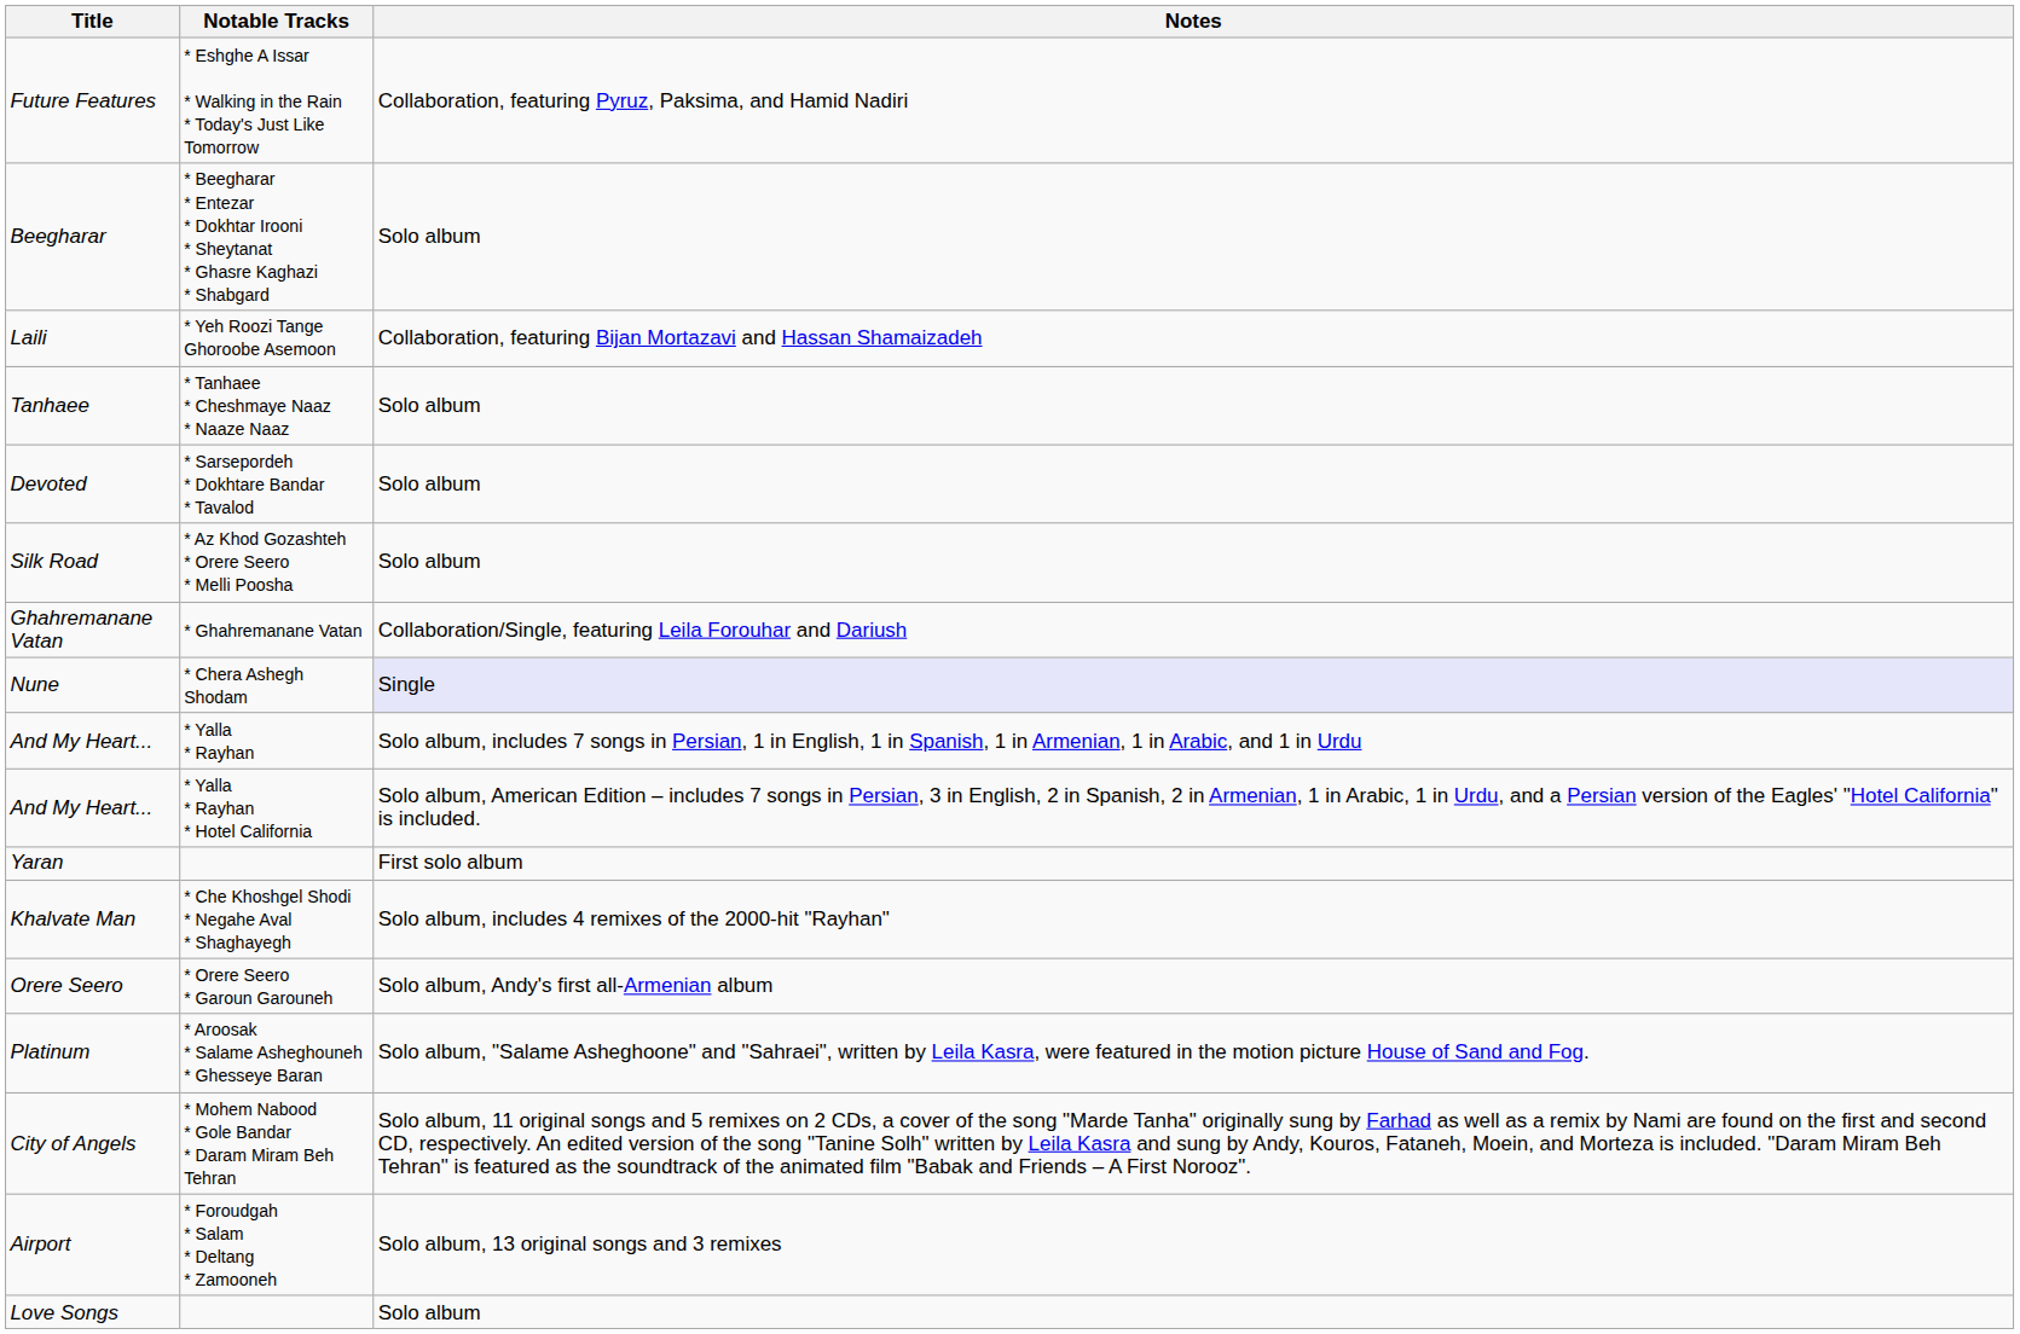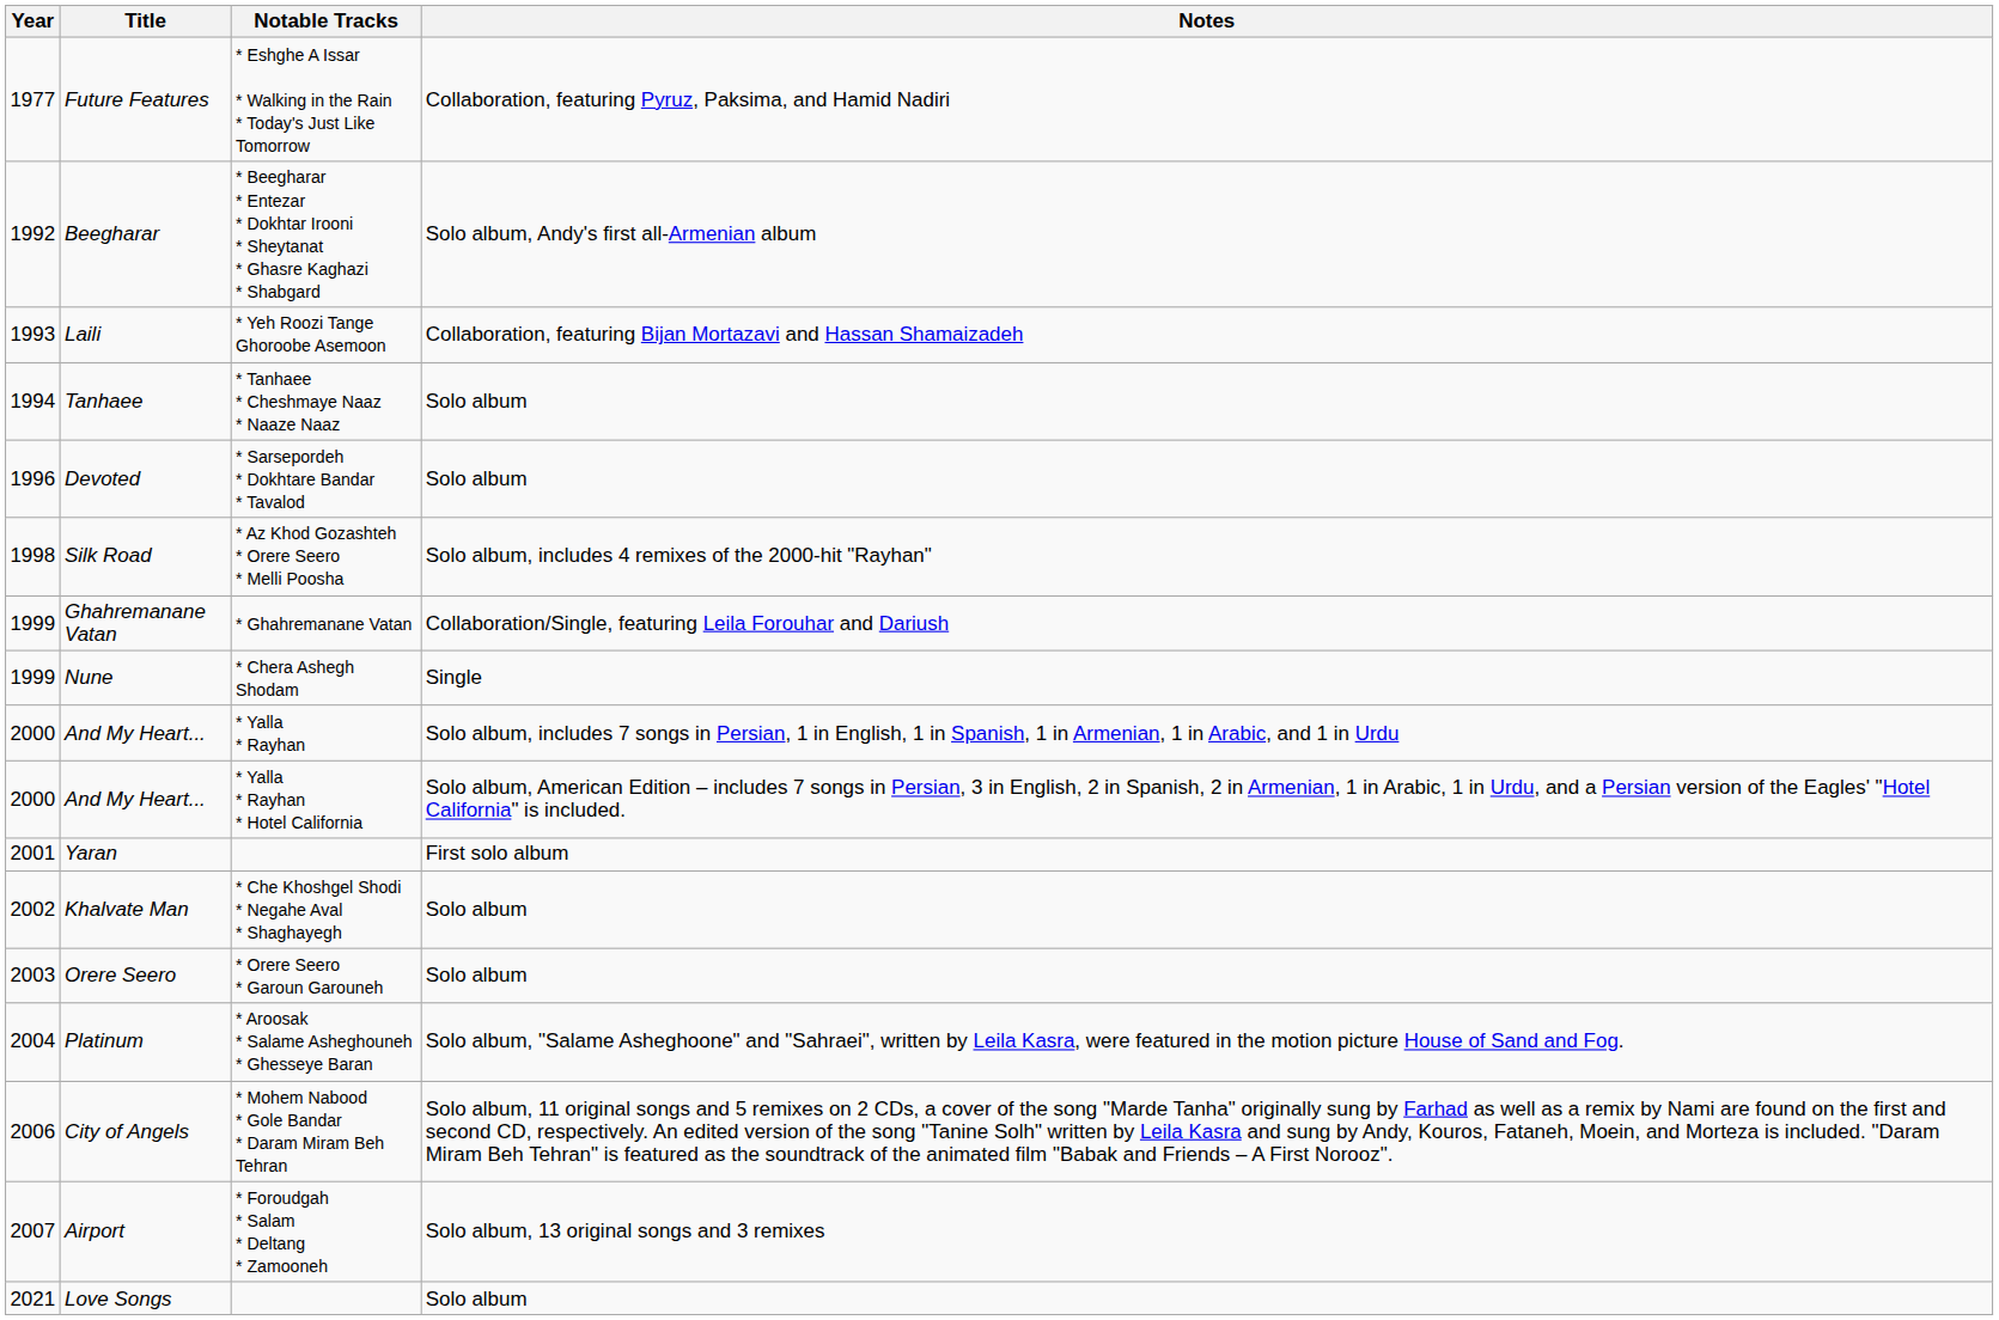 <table class="wikitable">
 <tr>
+<th>Year</th>
 <th>Title</th>
 <th>Notable Tracks</th>
 <th>Notes</th>
 </tr>
 <tr>
+<td>1977</td>
 <td><em>Future Features</em></td>
 <td><small>* Eshghe A Issar</small> <br><br><small>* Walking in the Rain</small> <br> <small>* Today's Just Like Tomorrow</small> <br></td>
 <td>Collaboration, featuring <a href='#'>Pyruz</a>, Paksima, and Hamid Nadiri</td>
 </tr>
 <tr>
+<td>1992</td>
 <td><em>Beegharar</em></td>
 <td><small>* Beegharar</small> <br> <small>* Entezar</small> <br> <small>* Dokhtar Irooni</small> <br> <small>* Sheytanat</small> <br> <small>* Ghasre Kaghazi</small> <br> <small>* Shabgard</small></td>
-<td>Solo album</td>
+<td>Solo album, Andy's first all-<a href='#'>Armenian</a> album</td>
 </tr>
 <tr>
+<td>1993</td>
 <td><em>Laili</em></td>
 <td><small>* Yeh Roozi Tange Ghoroobe Asemoon</small></td>
 <td>Collaboration, featuring <a href='#'>Bijan Mortazavi</a> and <a href='#'>Hassan Shamaizadeh</a></td>
 </tr>
 <tr>
+<td>1994</td>
 <td><em>Tanhaee</em></td>
 <td><small>* Tanhaee</small> <br> <small>* Cheshmaye Naaz</small> <br> <small>* Naaze Naaz</small></td>
 <td>Solo album</td>
 </tr>
 <tr>
+<td>1996</td>
 <td><em>Devoted</em></td>
 <td><small>* Sarsepordeh</small> <br> <small>* Dokhtare Bandar</small> <br> <small>* Tavalod</small></td>
 <td>Solo album</td>
 </tr>
 <tr>
+<td>1998</td>
 <td><em>Silk Road</em></td>
 <td><small>* Az Khod Gozashteh</small> <br> <small>* Orere Seero</small> <br> <small>* Melli Poosha</small></td>
-<td>Solo album</td>
+<td>Solo album, includes 4 remixes of the 2000-hit "Rayhan"</td>
 </tr>
 <tr>
+<td>1999</td>
 <td><em>Ghahremanane Vatan</em></td>
 <td><small>* Ghahremanane Vatan</small></td>
 <td>Collaboration/Single, featuring <a href='#'>Leila Forouhar</a> and <a href='#'>Dariush</a></td>
 </tr>
 <tr>
+<td>1999</td>
 <td><em>Nune</em></td>
 <td><small>* Chera Ashegh Shodam</small></td>
-<td style="background: lavender;">Single</td>
+<td>Single</td>
 </tr>
 <tr>
+<td>2000</td>
 <td><em>And My Heart...</em></td>
 <td><small>* Yalla</small> <br> <small>* Rayhan</small></td>
 <td>Solo album, includes 7 songs in <a href='#'>Persian</a>, 1 in English, 1 in <a href='#'>Spanish</a>, 1 in <a href='#'>Armenian</a>, 1 in <a href='#'>Arabic</a>, and 1 in <a href='#'>Urdu</a></td>
 </tr>
 <tr>
+<td>2000</td>
 <td><em>And My Heart...</em></td>
 <td><small>* Yalla</small> <br> <small>* Rayhan</small> <br> <small>* Hotel California</small></td>
 <td>Solo album, American Edition – includes 7 songs in <a href='#'>Persian</a>, 3 in English, 2 in Spanish, 2 in <a href='#'>Armenian</a>, 1 in Arabic, 1 in <a href='#'>Urdu</a>, and a <a href='#'>Persian</a> version of the Eagles' "<a href='#'>Hotel California</a>" is included.</td>
 </tr>
 <tr>
+<td>2001</td>
 <td><em>Yaran</em></td>
 <td></td>
 <td>First solo album</td>
 </tr>
 <tr>
+<td>2002</td>
 <td><em>Khalvate Man</em></td>
 <td><small>* Che Khoshgel Shodi</small> <br> <small>* Negahe Aval</small> <br> <small>* Shaghayegh</small></td>
-<td>Solo album, includes 4 remixes of the 2000-hit "Rayhan"</td>
+<td>Solo album</td>
 </tr>
 <tr>
+<td>2003</td>
 <td><em>Orere Seero</em></td>
 <td><small>* Orere Seero</small> <br> <small>* Garoun Garouneh</small></td>
-<td>Solo album, Andy's first all-<a href='#'>Armenian</a> album</td>
+<td>Solo album</td>
 </tr>
 <tr>
+<td>2004</td>
 <td><em>Platinum</em></td>
 <td><small>* Aroosak</small> <br> <small>* Salame Asheghouneh</small> <br> <small>* Ghesseye Baran</small></td>
 <td>Solo album, "Salame Asheghoone" and "Sahraei", written by <a href='#'>Leila Kasra</a>, were featured in the motion picture <a href='#'>House of Sand and Fog</a>.</td>
 </tr>
 <tr>
+<td>2006</td>
 <td><em>City of Angels</em></td>
 <td><small>* Mohem Nabood</small> <br> <small>* Gole Bandar</small> <br> <small>* Daram Miram Beh Tehran</small></td>
 <td>Solo album, 11 original songs and 5 remixes on 2 CDs, a cover of the song "Marde Tanha" originally sung by <a href='#'>Farhad</a> as well as a remix by Nami are found on the first and second CD, respectively. An edited version of the song "Tanine Solh" written by <a href='#'>Leila Kasra</a> and sung by Andy, Kouros, Fataneh, Moein, and Morteza is included. "Daram Miram Beh Tehran" is featured as the soundtrack of the animated film "Babak and Friends – A First Norooz".</td>
 </tr>
 <tr>
+<td>2007</td>
 <td><em>Airport</em></td>
 <td><small>* Foroudgah</small> <br> <small>* Salam</small> <br> <small>* Deltang</small> <br> <small>* Zamooneh</small></td>
 <td>Solo album, 13 original songs and 3 remixes</td>
 </tr>
 <tr>
+<td>2021</td>
 <td><em>Love Songs</em></td>
 <td></td>
 <td>Solo album</td>
 </tr>
 </table>
